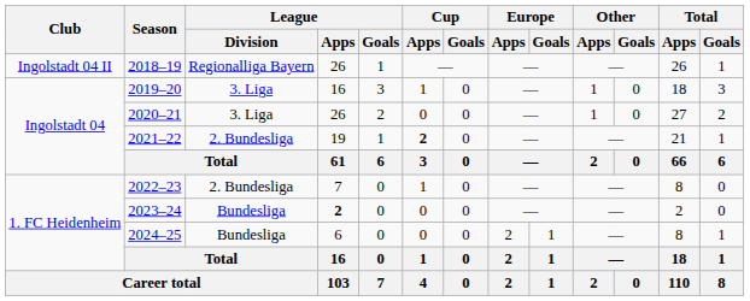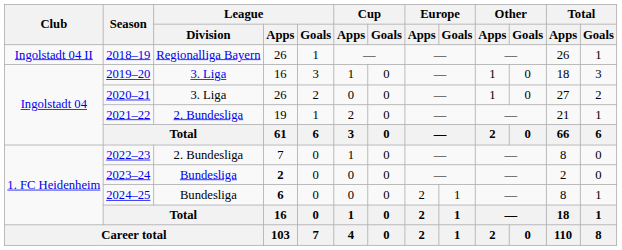 <table class="wikitable" style="text-align:center">
 <tr>
 <th rowspan="2">Club</th>
 <th rowspan="2">Season</th>
 <th colspan="3">League</th>
 <th colspan="2">Cup</th>
 <th colspan="2">Europe</th>
 <th colspan="2">Other</th>
 <th colspan="2">Total</th>
 </tr>
 <tr>
 <th>Division</th>
 <th>Apps</th>
 <th>Goals</th>
 <th>Apps</th>
 <th>Goals</th>
 <th>Apps</th>
 <th>Goals</th>
 <th>Apps</th>
 <th>Goals</th>
 <th>Apps</th>
 <th>Goals</th>
 </tr>
 <tr>
 <td><a href='#'>Ingolstadt 04 II</a></td>
 <td><a href='#'>2018–19</a></td>
 <td><a href='#'>Regionalliga Bayern</a></td>
 <td>26</td>
 <td>1</td>
 <td colspan="2">—</td>
 <td colspan="2">—</td>
 <td colspan="2">—</td>
 <td>26</td>
 <td>1</td>
 </tr>
 <tr>
 <td rowspan="4"><a href='#'>Ingolstadt 04</a></td>
 <td><a href='#'>2019–20</a></td>
 <td><a href='#'>3. Liga</a></td>
 <td>16</td>
 <td>3</td>
 <td>1</td>
 <td>0</td>
 <td colspan="2">—</td>
 <td>1</td>
 <td>0</td>
 <td>18</td>
 <td>3</td>
 </tr>
 <tr>
 <td><a href='#'>2020–21</a></td>
 <td>3. Liga</td>
 <td>26</td>
 <td>2</td>
 <td>0</td>
 <td>0</td>
 <td colspan="2">—</td>
 <td>1</td>
 <td>0</td>
 <td>27</td>
 <td>2</td>
 </tr>
 <tr>
 <td><a href='#'>2021–22</a></td>
 <td><a href='#'>2. Bundesliga</a></td>
 <td>19</td>
 <td>1</td>
-<td><strong>2</strong></td>
+<td>2</td>
 <td>0</td>
 <td colspan="2">—</td>
 <td colspan="2">—</td>
 <td>21</td>
 <td>1</td>
 </tr>
 <tr>
 <th colspan="2">Total</th>
 <th>61</th>
 <th>6</th>
 <th>3</th>
 <th>0</th>
 <th colspan="2">—</th>
 <th>2</th>
 <th>0</th>
 <th>66</th>
 <th>6</th>
 </tr>
 <tr>
 <td rowspan="4"><a href='#'>1. FC Heidenheim</a></td>
 <td><a href='#'>2022–23</a></td>
 <td>2. Bundesliga</td>
 <td>7</td>
 <td>0</td>
 <td>1</td>
 <td>0</td>
 <td colspan="2">—</td>
 <td colspan="2">—</td>
 <td>8</td>
 <td>0</td>
 </tr>
 <tr>
 <td><a href='#'>2023–24</a></td>
 <td><a href='#'>Bundesliga</a></td>
 <td><strong>2</strong></td>
 <td>0</td>
 <td>0</td>
 <td>0</td>
 <td colspan="2">—</td>
 <td colspan="2">—</td>
 <td>2</td>
 <td>0</td>
 </tr>
 <tr>
 <td><a href='#'>2024–25</a></td>
 <td>Bundesliga</td>
-<td>6</td>
+<td><strong>6</strong></td>
 <td>0</td>
 <td>0</td>
 <td>0</td>
 <td>2</td>
 <td>1</td>
 <td colspan="2">—</td>
 <td>8</td>
 <td>1</td>
 </tr>
 <tr>
 <th colspan="2">Total</th>
 <th>16</th>
 <th>0</th>
 <th>1</th>
 <th>0</th>
 <th>2</th>
 <th>1</th>
 <th colspan="2">—</th>
 <th>18</th>
 <th>1</th>
 </tr>
 <tr>
 <th colspan="3">Career total</th>
 <th>103</th>
 <th>7</th>
 <th>4</th>
 <th>0</th>
 <th>2</th>
 <th>1</th>
 <th>2</th>
 <th>0</th>
 <th>110</th>
 <th>8</th>
 </tr>
 </table>
